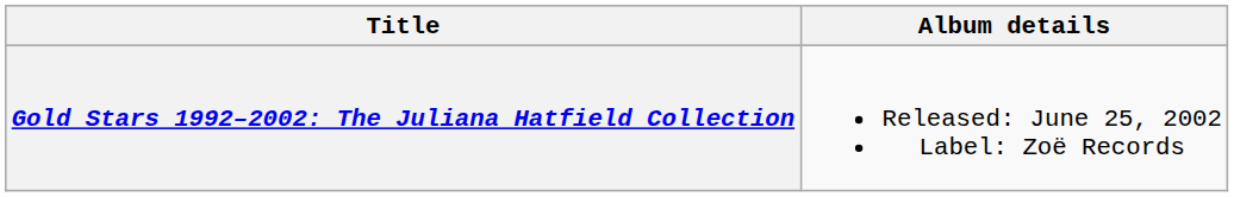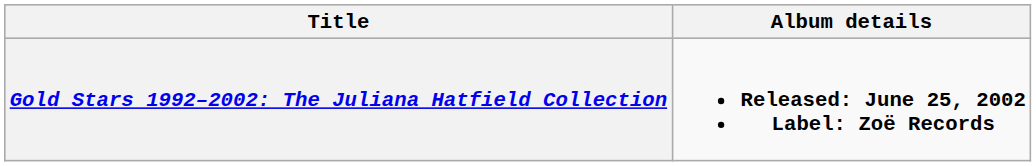 <table class="wikitable plainrowheaders" style="text-align:center;">
 <tr>
 <th scope="col">Title</th>
 <th scope="col">Album details</th>
 </tr>
 <tr>
 <th scope="row"><em><a href='#'>Gold Stars 1992–2002: The Juliana Hatfield Collection</a></em></th>
-<td><br><ul><li>Released: June 25, 2002</li><li>Label: Zoë Records</li></ul></td>
+<td><strong><br><ul><li>Released: June 25, 2002</li><li>Label: Zoë Records</li></ul></strong></td>
 </tr>
 </table>
